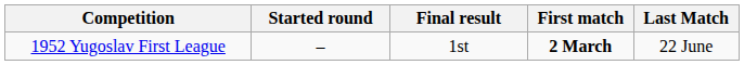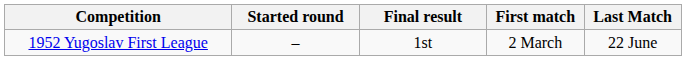 <table class="wikitable" style="text-align: center;">
 <tr>
 <th width="220">Competition</th>
 <th width="120">Started round</th>
 <th width="120">Final result</th>
 <th width="90">First match</th>
 <th width="90">Last Match</th>
 </tr>
 <tr>
 <td><a href='#'>1952 Yugoslav First League</a></td>
 <td>–</td>
 <td>1st</td>
-<td><strong>2 March</strong></td>
+<td>2 March</td>
 <td>22 June</td>
 </tr>
 <tr>
 </tr>
 </table>
